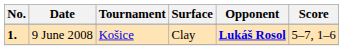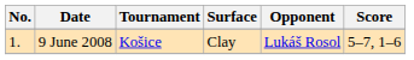 <table class="wikitable">
 <tr>
 <th>No.</th>
 <th>Date</th>
 <th>Tournament</th>
 <th>Surface</th>
 <th>Opponent</th>
 <th>Score</th>
 </tr>
 <tr>
 </tr>
 <tr bgcolor="moccasin">
-<td><strong>1.</strong></td>
+<td>1.</td>
 <td>9 June 2008</td>
 <td><a href='#'>Košice</a></td>
 <td>Clay</td>
-<td><strong> <a href='#'>Lukáš Rosol</a></strong></td>
+<td> <a href='#'>Lukáš Rosol</a></td>
 <td>5–7, 1–6</td>
 </tr>
 <tr>
 </tr>
 </table>
